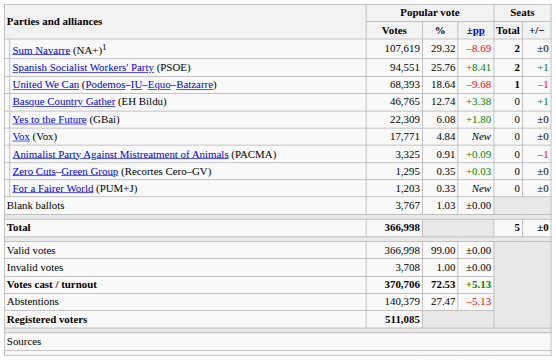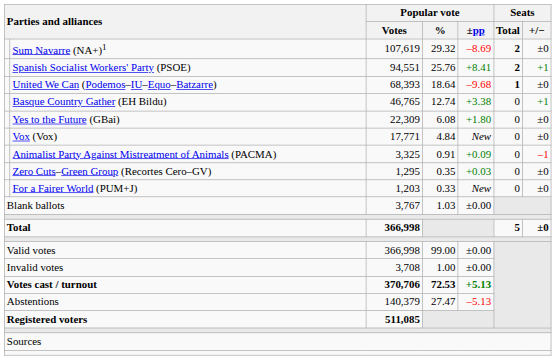 <table class="wikitable" style="text-align:right;">
 <tr>
 <th style="text-align:left;" rowspan="2" colspan="2" width="525">Parties and alliances</th>
 <th colspan="3">Popular vote</th>
 <th colspan="2">Seats</th>
 </tr>
 <tr>
 <th width="75">Votes</th>
 <th width="45">%</th>
 <th width="45">±<a href='#'>pp</a></th>
 <th width="35">Total</th>
 <th width="35">+/−</th>
 </tr>
 <tr>
 <td width="1" style="color:inherit;background:"></td>
 <td align="left"><a href='#'>Sum Navarre</a> (NA+)<sup>1</sup></td>
 <td>107,619</td>
 <td>29.32</td>
 <td style="color:red;">–8.69</td>
 <td><strong>2</strong></td>
 <td>±0</td>
 </tr>
 <tr>
 <td style="color:inherit;background:"></td>
 <td align="left"><a href='#'>Spanish Socialist Workers' Party</a> (PSOE)</td>
 <td>94,551</td>
 <td>25.76</td>
 <td style="color:green;">+8.41</td>
 <td><strong>2</strong></td>
 <td style="color:green;">+1</td>
 </tr>
 <tr>
 <td style="color:inherit;background:"></td>
 <td align="left"><a href='#'>United We Can</a> (<a href='#'>Podemos</a>–<a href='#'>IU</a>–<a href='#'>Equo</a>–<a href='#'>Batzarre</a>)</td>
 <td>68,393</td>
 <td>18.64</td>
 <td style="color:red;">–9.68</td>
 <td><strong>1</strong></td>
-<td style="color:red;">–1</td>
+<td>±0</td>
 </tr>
 <tr>
 <td style="color:inherit;background:"></td>
 <td align="left"><a href='#'>Basque Country Gather</a> (EH Bildu)</td>
 <td>46,765</td>
 <td>12.74</td>
 <td style="color:green;">+3.38</td>
 <td>0</td>
 <td style="color:green;">+1</td>
 </tr>
 <tr>
 <td style="color:inherit;background:"></td>
 <td align="left"><a href='#'>Yes to the Future</a> (GBai)</td>
 <td>22,309</td>
 <td>6.08</td>
 <td style="color:green;">+1.80</td>
 <td>0</td>
 <td>±0</td>
 </tr>
 <tr>
 <td style="color:inherit;background:"></td>
 <td align="left"><a href='#'>Vox</a> (Vox)</td>
 <td>17,771</td>
 <td>4.84</td>
 <td><em>New</em></td>
 <td>0</td>
 <td>±0</td>
 </tr>
 <tr>
 <td style="color:inherit;background:"></td>
 <td align="left"><a href='#'>Animalist Party Against Mistreatment of Animals</a> (PACMA)</td>
 <td>3,325</td>
 <td>0.91</td>
 <td style="color:green;">+0.09</td>
 <td>0</td>
 <td style="color:red;">–1</td>
 </tr>
 <tr>
 <td style="color:inherit;background:"></td>
 <td align="left"><a href='#'>Zero Cuts</a>–<a href='#'>Green Group</a> (Recortes Cero–GV)</td>
 <td>1,295</td>
 <td>0.35</td>
 <td style="color:green;">+0.03</td>
 <td>0</td>
 <td>±0</td>
 </tr>
 <tr>
 <td style="color:inherit;background:"></td>
 <td align="left"><a href='#'>For a Fairer World</a> (PUM+J)</td>
 <td>1,203</td>
 <td>0.33</td>
 <td><em>New</em></td>
 <td>0</td>
 <td>±0</td>
 </tr>
 <tr>
 <td align="left" colspan="2">Blank ballots</td>
 <td>3,767</td>
 <td>1.03</td>
 <td>±0.00</td>
 <td bgcolor="#E9E9E9" colspan="2"></td>
 </tr>
 <tr>
 <td colspan="7" bgcolor="#E9E9E9"></td>
 </tr>
 <tr style="font-weight:bold;">
 <td align="left" colspan="2">Total</td>
 <td>366,998</td>
 <td bgcolor="#E9E9E9" colspan="2"></td>
 <td>5</td>
 <td>±0</td>
 </tr>
 <tr>
 <td colspan="7" bgcolor="#E9E9E9"></td>
 </tr>
 <tr>
 <td align="left" colspan="2">Valid votes</td>
 <td>366,998</td>
 <td>99.00</td>
 <td>±0.00</td>
 <td bgcolor="#E9E9E9" colspan="2" rowspan="5"></td>
 </tr>
 <tr>
 <td align="left" colspan="2">Invalid votes</td>
 <td>3,708</td>
 <td>1.00</td>
 <td>±0.00</td>
 </tr>
 <tr style="font-weight:bold;">
 <td align="left" colspan="2">Votes cast / turnout</td>
 <td>370,706</td>
 <td>72.53</td>
 <td style="color:green;">+5.13</td>
 </tr>
 <tr>
 <td align="left" colspan="2">Abstentions</td>
 <td>140,379</td>
 <td>27.47</td>
 <td style="color:red;">–5.13</td>
 </tr>
 <tr style="font-weight:bold;">
 <td align="left" colspan="2">Registered voters</td>
 <td>511,085</td>
 <td bgcolor="#E9E9E9" colspan="2"></td>
 </tr>
 <tr>
 <td colspan="7" bgcolor="#E9E9E9"></td>
 </tr>
 <tr>
 <td align="left" colspan="7">Sources</td>
 </tr>
 <tr>
 <td colspan="7" style="text-align:left; max-width:790px;"></td>
 </tr>
 </table>
